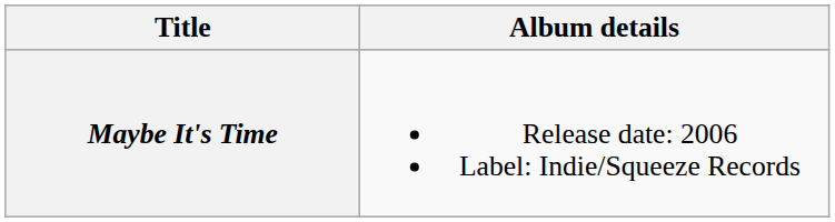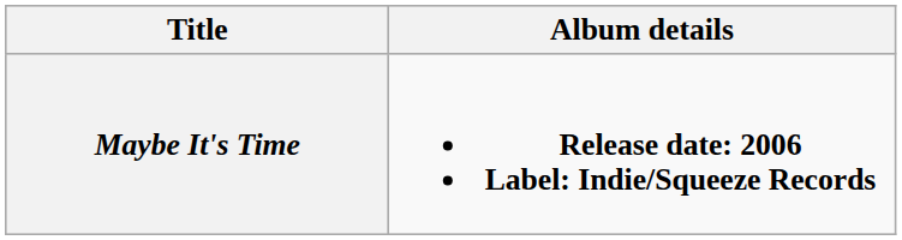 <table class="wikitable plainrowheaders" style="text-align:center;">
 <tr>
 <th style="width:12em;">Title</th>
 <th style="width:16em;">Album details</th>
 </tr>
 <tr>
 <th scope="row"><em>Maybe It's Time</em></th>
-<td><br><ul><li>Release date: 2006</li><li>Label: Indie/Squeeze Records</li></ul></td>
+<td><strong><br><ul><li>Release date: 2006</li><li>Label: Indie/Squeeze Records</li></ul></strong></td>
 </tr>
 </table>
